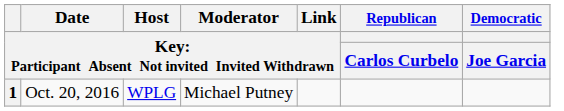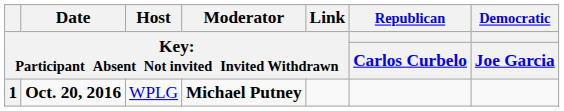 <table class="wikitable" style="text-align:center;">
 <tr>
 <th scope="col"></th>
 <th scope="col">Date</th>
 <th scope="col">Host</th>
 <th scope="col">Moderator</th>
 <th scope="col">Link</th>
 <th scope="col"><small><a href='#'>Republican</a></small></th>
 <th scope="col"><small><a href='#'>Democratic</a></small></th>
 </tr>
 <tr>
 <th colspan="5" rowspan="2">Key:<br> <small>Participant </small>  <small>Absent </small>  <small>Not invited </small>  <small>Invited  Withdrawn</small></th>
 <th scope="col" style="background:"></th>
 <th scope="col" style="background:"></th>
 </tr>
 <tr>
 <th scope="col"><a href='#'>Carlos Curbelo</a></th>
 <th scope="col"><a href='#'>Joe Garcia</a></th>
 </tr>
 <tr>
 <th>1</th>
-<td style="white-space:nowrap;">Oct. 20, 2016</td>
+<td style="white-space:nowrap;"><strong>Oct. 20, 2016</strong></td>
 <td style="white-space:nowrap;"><a href='#'>WPLG</a></td>
-<td style="white-space:nowrap;">Michael Putney</td>
+<td style="white-space:nowrap;"><strong>Michael Putney</strong></td>
 <td style="white-space:nowrap;"></td>
 <td></td>
 <td></td>
 </tr>
 </table>
